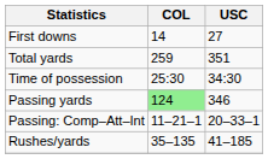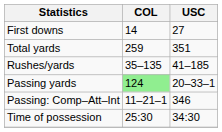 <table class="wikitable" style="float: left;">
 <tr>
 <th>Statistics</th>
 <th>COL</th>
 <th>USC</th>
 </tr>
 <tr>
 <td>First downs</td>
 <td>14</td>
 <td>27</td>
 </tr>
 <tr>
 <td>Total yards</td>
 <td>259</td>
 <td>351</td>
 </tr>
 <tr>
+<td>Rushes/yards</td>
+<td>35–135</td>
+<td>41–185</td>
+</tr>
+<tr>
+<td>Passing yards</td>
+<td style="background: lightgreen;">124</td>
+<td>20–33–1</td>
+</tr>
+<tr>
+<td>Passing: Comp–Att–Int</td>
+<td>11–21–1</td>
+<td>346</td>
+</tr>
+<tr>
 <td>Time of possession</td>
 <td>25:30</td>
 <td>34:30</td>
 </tr>
 <tr>
-<td>Passing yards</td>
-<td style="background: lightgreen;">124</td>
-<td>346</td>
-</tr>
-<tr>
-<td>Passing: Comp–Att–Int</td>
-<td>11–21–1</td>
-<td>20–33–1</td>
-</tr>
-<tr>
-<td>Rushes/yards</td>
-<td>35–135</td>
-<td>41–185</td>
-</tr>
-<tr>
 </tr>
 </table>
